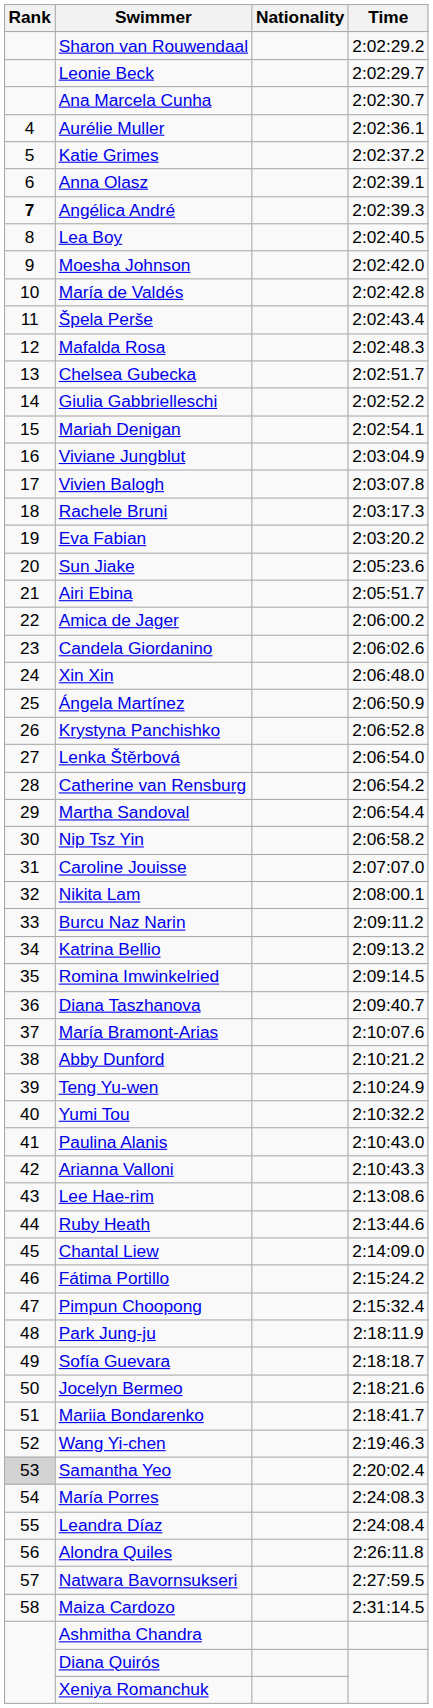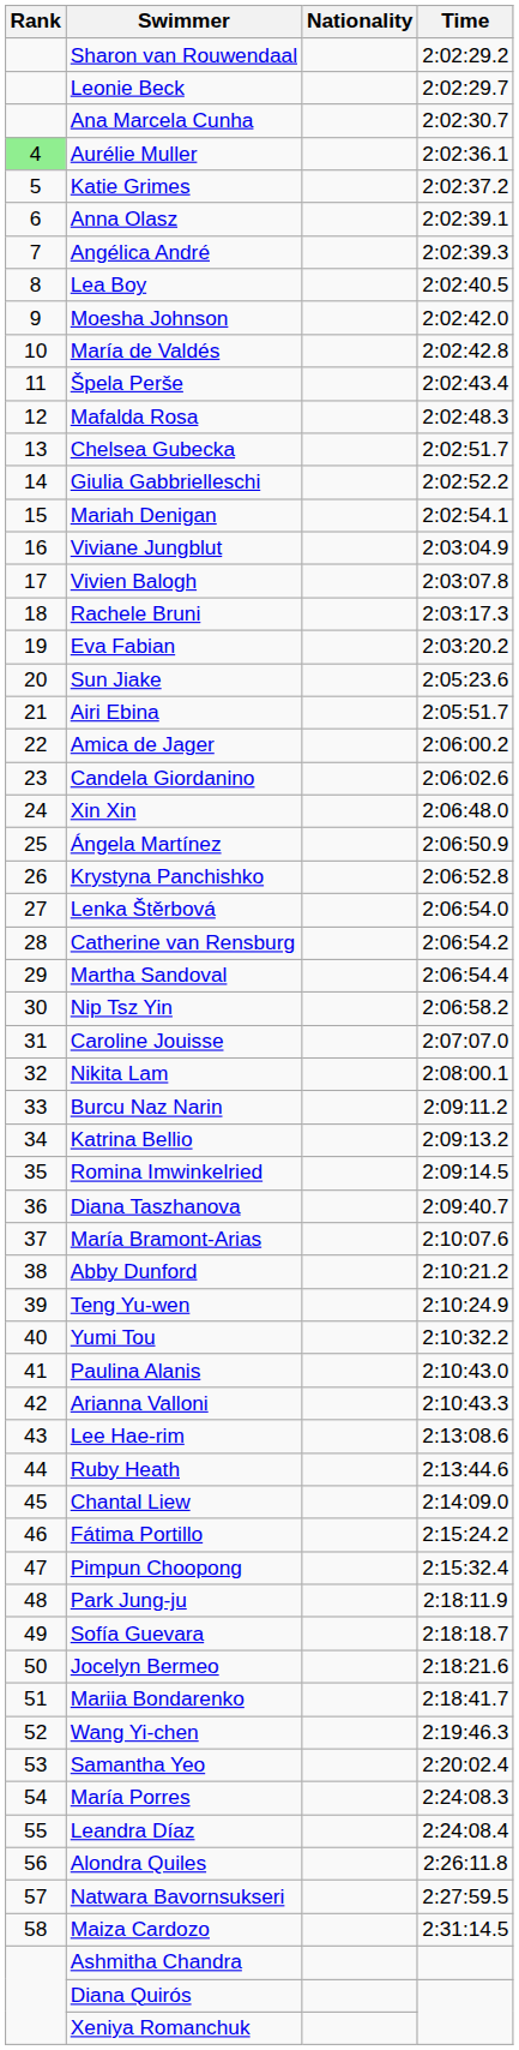 <table class="wikitable sortable" style="text-align:center">
 <tr>
 <th>Rank</th>
 <th>Swimmer</th>
 <th>Nationality</th>
 <th>Time</th>
 </tr>
 <tr>
 <td></td>
 <td align=left><a href='#'>Sharon van Rouwendaal</a></td>
 <td align=left></td>
 <td>2:02:29.2</td>
 </tr>
 <tr>
 <td></td>
 <td align=left><a href='#'>Leonie Beck</a></td>
 <td align=left></td>
 <td>2:02:29.7</td>
 </tr>
 <tr>
 <td></td>
 <td align=left><a href='#'>Ana Marcela Cunha</a></td>
 <td align=left></td>
 <td>2:02:30.7</td>
 </tr>
 <tr>
-<td>4</td>
+<td style="background: lightgreen;">4</td>
 <td align=left><a href='#'>Aurélie Muller</a></td>
 <td align=left></td>
 <td>2:02:36.1</td>
 </tr>
 <tr>
 <td>5</td>
 <td align=left><a href='#'>Katie Grimes</a></td>
 <td align=left></td>
 <td>2:02:37.2</td>
 </tr>
 <tr>
 <td>6</td>
 <td align=left><a href='#'>Anna Olasz</a></td>
 <td align=left></td>
 <td>2:02:39.1</td>
 </tr>
 <tr>
-<td><strong>7</strong></td>
+<td>7</td>
 <td align=left><a href='#'>Angélica André</a></td>
 <td align=left></td>
 <td>2:02:39.3</td>
 </tr>
 <tr>
 <td>8</td>
 <td align=left><a href='#'>Lea Boy</a></td>
 <td align=left></td>
 <td>2:02:40.5</td>
 </tr>
 <tr>
 <td>9</td>
 <td align=left><a href='#'>Moesha Johnson</a></td>
 <td align=left></td>
 <td>2:02:42.0</td>
 </tr>
 <tr>
 <td>10</td>
 <td align=left><a href='#'>María de Valdés</a></td>
 <td align=left></td>
 <td>2:02:42.8</td>
 </tr>
 <tr>
 <td>11</td>
 <td align=left><a href='#'>Špela Perše</a></td>
 <td align=left></td>
 <td>2:02:43.4</td>
 </tr>
 <tr>
 <td>12</td>
 <td align=left><a href='#'>Mafalda Rosa</a></td>
 <td align=left></td>
 <td>2:02:48.3</td>
 </tr>
 <tr>
 <td>13</td>
 <td align=left><a href='#'>Chelsea Gubecka</a></td>
 <td align=left></td>
 <td>2:02:51.7</td>
 </tr>
 <tr>
 <td>14</td>
 <td align=left><a href='#'>Giulia Gabbrielleschi</a></td>
 <td align=left></td>
 <td>2:02:52.2</td>
 </tr>
 <tr>
 <td>15</td>
 <td align=left><a href='#'>Mariah Denigan</a></td>
 <td align=left></td>
 <td>2:02:54.1</td>
 </tr>
 <tr>
 <td>16</td>
 <td align=left><a href='#'>Viviane Jungblut</a></td>
 <td align=left></td>
 <td>2:03:04.9</td>
 </tr>
 <tr>
 <td>17</td>
 <td align=left><a href='#'>Vivien Balogh</a></td>
 <td align=left></td>
 <td>2:03:07.8</td>
 </tr>
 <tr>
 <td>18</td>
 <td align=left><a href='#'>Rachele Bruni</a></td>
 <td align=left></td>
 <td>2:03:17.3</td>
 </tr>
 <tr>
 <td>19</td>
 <td align=left><a href='#'>Eva Fabian</a></td>
 <td align=left></td>
 <td>2:03:20.2</td>
 </tr>
 <tr>
 <td>20</td>
 <td align=left><a href='#'>Sun Jiake</a></td>
 <td align=left></td>
 <td>2:05:23.6</td>
 </tr>
 <tr>
 <td>21</td>
 <td align=left><a href='#'>Airi Ebina</a></td>
 <td align=left></td>
 <td>2:05:51.7</td>
 </tr>
 <tr>
 <td>22</td>
 <td align=left><a href='#'>Amica de Jager</a></td>
 <td align=left></td>
 <td>2:06:00.2</td>
 </tr>
 <tr>
 <td>23</td>
 <td align=left><a href='#'>Candela Giordanino</a></td>
 <td align=left></td>
 <td>2:06:02.6</td>
 </tr>
 <tr>
 <td>24</td>
 <td align=left><a href='#'>Xin Xin</a></td>
 <td align=left></td>
 <td>2:06:48.0</td>
 </tr>
 <tr>
 <td>25</td>
 <td align=left><a href='#'>Ángela Martínez</a></td>
 <td align=left></td>
 <td>2:06:50.9</td>
 </tr>
 <tr>
 <td>26</td>
 <td align=left><a href='#'>Krystyna Panchishko</a></td>
 <td align=left></td>
 <td>2:06:52.8</td>
 </tr>
 <tr>
 <td>27</td>
 <td align=left><a href='#'>Lenka Štěrbová</a></td>
 <td align=left></td>
 <td>2:06:54.0</td>
 </tr>
 <tr>
 <td>28</td>
 <td align=left><a href='#'>Catherine van Rensburg</a></td>
 <td align=left></td>
 <td>2:06:54.2</td>
 </tr>
 <tr>
 <td>29</td>
 <td align=left><a href='#'>Martha Sandoval</a></td>
 <td align=left></td>
 <td>2:06:54.4</td>
 </tr>
 <tr>
 <td>30</td>
 <td align=left><a href='#'>Nip Tsz Yin</a></td>
 <td align=left></td>
 <td>2:06:58.2</td>
 </tr>
 <tr>
 <td>31</td>
 <td align=left><a href='#'>Caroline Jouisse</a></td>
 <td align=left></td>
 <td>2:07:07.0</td>
 </tr>
 <tr>
 <td>32</td>
 <td align=left><a href='#'>Nikita Lam</a></td>
 <td align=left></td>
 <td>2:08:00.1</td>
 </tr>
 <tr>
 <td>33</td>
 <td align=left><a href='#'>Burcu Naz Narin</a></td>
 <td align=left></td>
 <td>2:09:11.2</td>
 </tr>
 <tr>
 <td>34</td>
 <td align=left><a href='#'>Katrina Bellio</a></td>
 <td align=left></td>
 <td>2:09:13.2</td>
 </tr>
 <tr>
 <td>35</td>
 <td align=left><a href='#'>Romina Imwinkelried</a></td>
 <td align=left></td>
 <td>2:09:14.5</td>
 </tr>
 <tr>
 <td>36</td>
 <td align=left><a href='#'>Diana Taszhanova</a></td>
 <td align=left></td>
 <td>2:09:40.7</td>
 </tr>
 <tr>
 <td>37</td>
 <td align=left><a href='#'>María Bramont-Arias</a></td>
 <td align=left></td>
 <td>2:10:07.6</td>
 </tr>
 <tr>
 <td>38</td>
 <td align=left><a href='#'>Abby Dunford</a></td>
 <td align=left></td>
 <td>2:10:21.2</td>
 </tr>
 <tr>
 <td>39</td>
 <td align=left><a href='#'>Teng Yu-wen</a></td>
 <td align=left></td>
 <td>2:10:24.9</td>
 </tr>
 <tr>
 <td>40</td>
 <td align=left><a href='#'>Yumi Tou</a></td>
 <td align=left></td>
 <td>2:10:32.2</td>
 </tr>
 <tr>
 <td>41</td>
 <td align=left><a href='#'>Paulina Alanis</a></td>
 <td align=left></td>
 <td>2:10:43.0</td>
 </tr>
 <tr>
 <td>42</td>
 <td align=left><a href='#'>Arianna Valloni</a></td>
 <td align=left></td>
 <td>2:10:43.3</td>
 </tr>
 <tr>
 <td>43</td>
 <td align=left><a href='#'>Lee Hae-rim</a></td>
 <td align=left></td>
 <td>2:13:08.6</td>
 </tr>
 <tr>
 <td>44</td>
 <td align=left><a href='#'>Ruby Heath</a></td>
 <td align=left></td>
 <td>2:13:44.6</td>
 </tr>
 <tr>
 <td>45</td>
 <td align=left><a href='#'>Chantal Liew</a></td>
 <td align=left></td>
 <td>2:14:09.0</td>
 </tr>
 <tr>
 <td>46</td>
 <td align=left><a href='#'>Fátima Portillo</a></td>
 <td align=left></td>
 <td>2:15:24.2</td>
 </tr>
 <tr>
 <td>47</td>
 <td align=left><a href='#'>Pimpun Choopong</a></td>
 <td align=left></td>
 <td>2:15:32.4</td>
 </tr>
 <tr>
 <td>48</td>
 <td align=left><a href='#'>Park Jung-ju</a></td>
 <td align=left></td>
 <td>2:18:11.9</td>
 </tr>
 <tr>
 <td>49</td>
 <td align=left><a href='#'>Sofía Guevara</a></td>
 <td align=left></td>
 <td>2:18:18.7</td>
 </tr>
 <tr>
 <td>50</td>
 <td align=left><a href='#'>Jocelyn Bermeo</a></td>
 <td align=left></td>
 <td>2:18:21.6</td>
 </tr>
 <tr>
 <td>51</td>
 <td align=left><a href='#'>Mariia Bondarenko</a></td>
 <td align=left></td>
 <td>2:18:41.7</td>
 </tr>
 <tr>
 <td>52</td>
 <td align=left><a href='#'>Wang Yi-chen</a></td>
 <td align=left></td>
 <td>2:19:46.3</td>
 </tr>
 <tr>
-<td style="background: lightgrey;">53</td>
+<td>53</td>
 <td align=left><a href='#'>Samantha Yeo</a></td>
 <td align=left></td>
 <td>2:20:02.4</td>
 </tr>
 <tr>
 <td>54</td>
 <td align=left><a href='#'>María Porres</a></td>
 <td align=left></td>
 <td>2:24:08.3</td>
 </tr>
 <tr>
 <td>55</td>
 <td align=left><a href='#'>Leandra Díaz</a></td>
 <td align=left></td>
 <td>2:24:08.4</td>
 </tr>
 <tr>
 <td>56</td>
 <td align=left><a href='#'>Alondra Quiles</a></td>
 <td align=left></td>
 <td>2:26:11.8</td>
 </tr>
 <tr>
 <td>57</td>
 <td align=left><a href='#'>Natwara Bavornsukseri</a></td>
 <td align=left></td>
 <td>2:27:59.5</td>
 </tr>
 <tr>
 <td>58</td>
 <td align=left><a href='#'>Maiza Cardozo</a></td>
 <td align=left></td>
 <td>2:31:14.5</td>
 </tr>
 <tr>
 <td rowspan=3></td>
 <td align=left><a href='#'>Ashmitha Chandra</a></td>
 <td align=left></td>
 <td></td>
 </tr>
 <tr>
 <td align=left><a href='#'>Diana Quirós</a></td>
 <td align=left></td>
 <td rowspan=2></td>
 </tr>
 <tr>
 <td align=left><a href='#'>Xeniya Romanchuk</a></td>
 <td align=left></td>
 </tr>
 </table>
